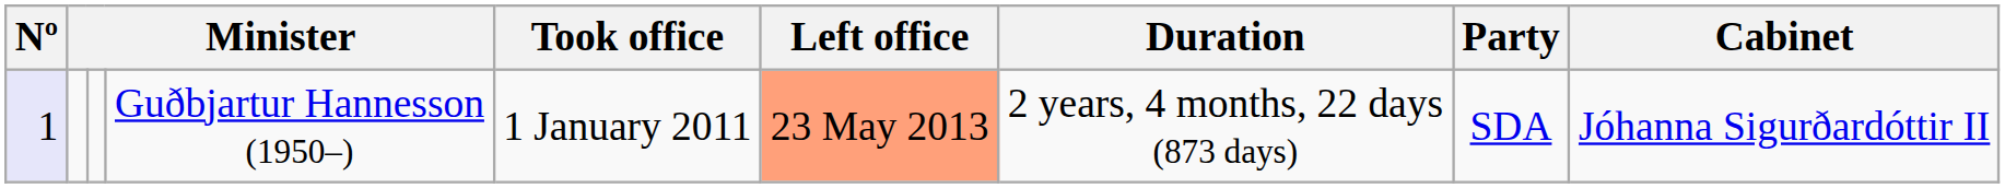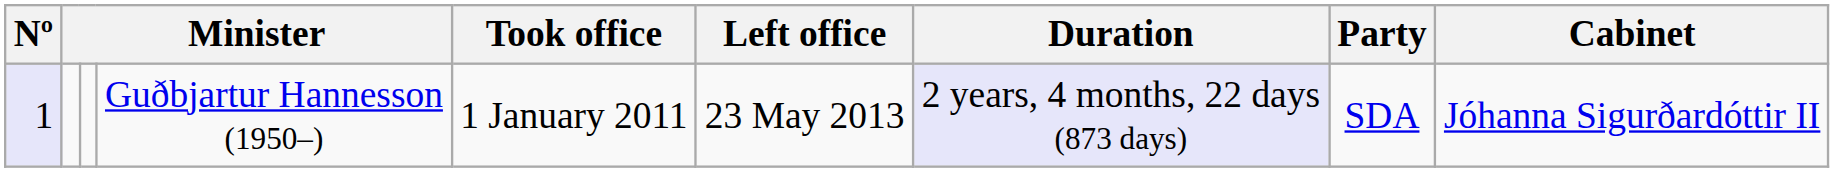 <table class="wikitable" style="text-align: center;">
 <tr>
 <th>Nº</th>
 <th colspan="3">Minister</th>
 <th>Took office</th>
 <th>Left office</th>
 <th>Duration</th>
 <th>Party</th>
 <th>Cabinet</th>
 </tr>
 <tr>
 <td style="background: lavender; text-align: right;">1</td>
 <td></td>
 <td></td>
 <td><a href='#'>Guðbjartur Hannesson</a><br><small>(1950–)</small></td>
 <td>1 January 2011</td>
-<td style="background: lightsalmon;">23 May 2013</td>
-<td>2 years, 4 months, 22 days<br><small>(873 days)</small></td>
+<td>23 May 2013</td>
+<td style="background: lavender;">2 years, 4 months, 22 days<br><small>(873 days)</small></td>
 <td><a href='#'>SDA</a></td>
 <td style="text-align: left;"><a href='#'>Jóhanna Sigurðardóttir II</a></td>
 </tr>
 </table>
